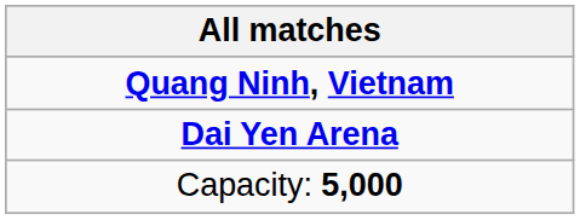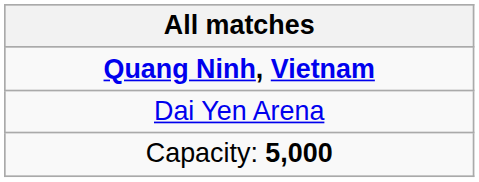 <table class="wikitable" style="text-align:center" width=280>
 <tr>
 <th>All matches</th>
 </tr>
 <tr>
 <td> <strong><a href='#'>Quang Ninh</a>, <a href='#'>Vietnam</a></strong></td>
 </tr>
 <tr>
-<td><strong><a href='#'>Dai Yen Arena</a></strong></td>
+<td><a href='#'>Dai Yen Arena</a></td>
 </tr>
 <tr>
 <td>Capacity: <strong>5,000</strong></td>
 </tr>
 </table>
